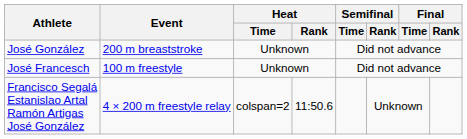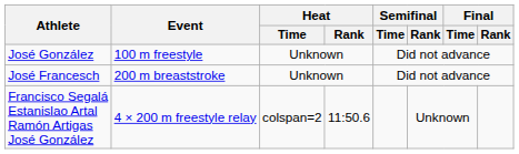 <table class=wikitable style="font-size:90%;">
 <tr>
 <th rowspan=2>Athlete</th>
 <th rowspan=2>Event</th>
 <th colspan=2>Heat</th>
 <th colspan=2>Semifinal</th>
 <th colspan=2>Final</th>
 </tr>
 <tr style="font-size:95%">
 <th>Time</th>
 <th>Rank</th>
 <th>Time</th>
 <th>Rank</th>
 <th>Time</th>
 <th>Rank</th>
 </tr>
 <tr align=center>
 <td align=left><a href='#'>José González</a></td>
-<td align=left><a href='#'>200 m breaststroke</a></td>
+<td align=left><a href='#'>100 m freestyle</a></td>
 <td colspan=2>Unknown</td>
 <td colspan=4>Did not advance</td>
 </tr>
 <tr align=center>
 <td align=left><a href='#'>José Francesch</a></td>
-<td align=left><a href='#'>100 m freestyle</a></td>
+<td align=left><a href='#'>200 m breaststroke</a></td>
 <td colspan=2>Unknown</td>
 <td colspan=4>Did not advance</td>
 </tr>
 <tr align=center>
 <td align=left><a href='#'>Francisco Segalá</a><br><a href='#'>Estanislao Artal</a><br><a href='#'>Ramón Artigas</a><br><a href='#'>José González</a></td>
 <td align=left><a href='#'>4 × 200 m freestyle relay</a></td>
 <td>colspan=2 </td>
 <td>11:50.6</td>
 <td></td>
 <td colspan=2>Unknown</td>
 </tr>
 </table>
